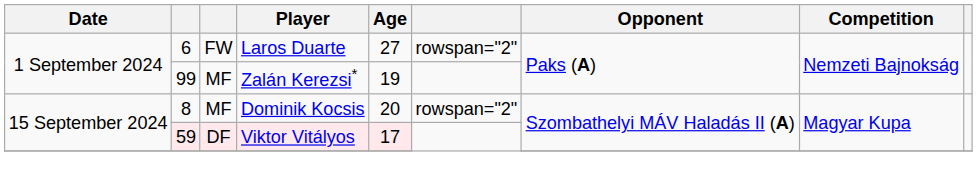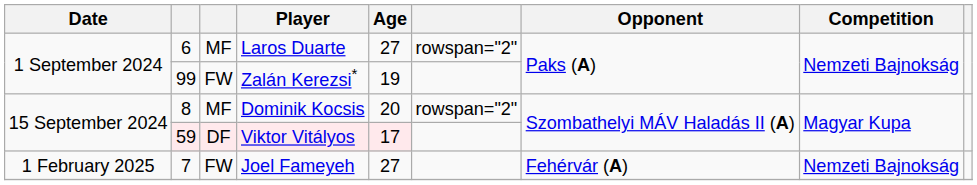 <table class="wikitable sortable" style="text-align:center; font-size:95%;">
 <tr>
 <th>Date</th>
 <th></th>
 <th></th>
 <th>Player</th>
 <th>Age</th>
 <th></th>
 <th>Opponent</th>
 <th>Competition</th>
 <th class="unsortable"></th>
 </tr>
 <tr>
 <td rowspan="2" data-sort-value="1">1 September 2024</td>
 <td>6</td>
-<td>FW</td>
+<td>MF</td>
 <td style="text-align:left;" data-sort-value="Duarte"> <a href='#'>Laros Duarte</a></td>
 <td>27</td>
 <td>rowspan="2" </td>
 <td rowspan="2" style="text-align:left;"><a href='#'>Paks</a> (<strong>A</strong>)</td>
 <td rowspan="2" style="text-align:left;"><a href='#'>Nemzeti Bajnokság</a></td>
 <td rowspan="2"></td>
 </tr>
 <tr>
 <td>99</td>
-<td>MF</td>
+<td>FW</td>
 <td style="text-align:left;" data-sort-value="Kerezsi"> <a href='#'>Zalán Kerezsi</a><sup>*</sup></td>
 <td>19</td>
 </tr>
 <tr>
 <td rowspan="2" data-sort-value="2">15 September 2024</td>
 <td>8</td>
 <td>MF</td>
 <td style="text-align:left;" data-sort-value="KocsisD"> <a href='#'>Dominik Kocsis</a></td>
 <td>20</td>
 <td>rowspan="2" </td>
 <td rowspan="2" style="text-align:left;"><a href='#'>Szombathelyi MÁV Haladás II</a> (<strong>A</strong>)</td>
 <td rowspan="2" style="text-align:left;"><a href='#'>Magyar Kupa</a></td>
 <td rowspan="2"></td>
 </tr>
 <tr bgcolor="#ffe9ec">
 <td>59</td>
 <td>DF</td>
 <td style="text-align:left;" data-sort-value="Vitalyos"> <a href='#'>Viktor Vitályos</a></td>
 <td>17</td>
 </tr>
 <tr>
+<td data-sort-value="3">1 February 2025</td>
+<td>7</td>
+<td>FW</td>
+<td style="text-align:left;" data-sort-value="Fameyeh"> <a href='#'>Joel Fameyeh</a></td>
+<td>27</td>
+<td></td>
+<td style="text-align:left;"><a href='#'>Fehérvár</a> (<strong>A</strong>)</td>
+<td style="text-align:left;"><a href='#'>Nemzeti Bajnokság</a></td>
+<td></td>
+</tr>
+<tr>
 </tr>
 </table>
